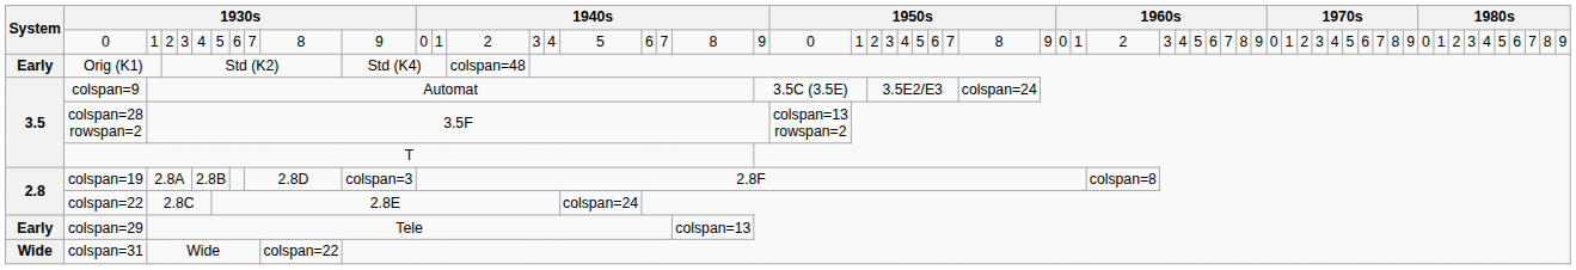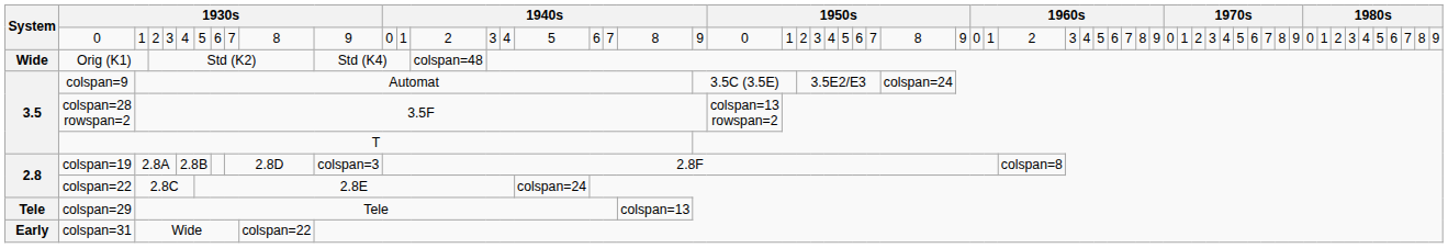 <table class="wikitable" style="font-size:75%;text-align:center;">
 <tr>
 <th rowspan=2>System</th>
 <th colspan=10>1930s</th>
 <th colspan=10>1940s</th>
 <th colspan=10>1950s</th>
 <th colspan=10>1960s</th>
 <th colspan=10>1970s</th>
 <th colspan=10>1980s</th>
 </tr>
 <tr>
 <td>0</td>
 <td>1</td>
 <td>2</td>
 <td>3</td>
 <td>4</td>
 <td>5</td>
 <td>6</td>
 <td>7</td>
 <td>8</td>
 <td>9</td>
 <td>0</td>
 <td>1</td>
 <td>2</td>
 <td>3</td>
 <td>4</td>
 <td>5</td>
 <td>6</td>
 <td>7</td>
 <td>8</td>
 <td>9</td>
 <td>0</td>
 <td>1</td>
 <td>2</td>
 <td>3</td>
 <td>4</td>
 <td>5</td>
 <td>6</td>
 <td>7</td>
 <td>8</td>
 <td>9</td>
 <td>0</td>
 <td>1</td>
 <td>2</td>
 <td>3</td>
 <td>4</td>
 <td>5</td>
 <td>6</td>
 <td>7</td>
 <td>8</td>
 <td>9</td>
 <td>0</td>
 <td>1</td>
 <td>2</td>
 <td>3</td>
 <td>4</td>
 <td>5</td>
 <td>6</td>
 <td>7</td>
 <td>8</td>
 <td>9</td>
 <td>0</td>
 <td>1</td>
 <td>2</td>
 <td>3</td>
 <td>4</td>
 <td>5</td>
 <td>6</td>
 <td>7</td>
 <td>8</td>
 <td>9</td>
 </tr>
 <tr>
-<th>Early</th>
+<th>Wide</th>
 <td colspan=2>Orig (K1)</td>
 <td colspan=7>Std (K2)</td>
 <td colspan=3>Std (K4)</td>
 <td>colspan=48 </td>
 </tr>
 <tr>
 <th rowspan=3>3.5</th>
 <td>colspan=9 </td>
 <td colspan=18>Automat</td>
 <td colspan=3>3.5C (3.5E)</td>
 <td colspan=6>3.5E2/E3</td>
 <td>colspan=24 </td>
 </tr>
 <tr>
 <td>colspan=28 rowspan=2 </td>
 <td colspan=19>3.5F</td>
 <td>colspan=13 rowspan=2 </td>
 </tr>
 <tr>
 <td colspan=19>T</td>
 </tr>
 <tr>
 <th rowspan=2>2.8</th>
 <td>colspan=19 </td>
 <td colspan=3>2.8A</td>
 <td colspan=2>2.8B</td>
 <td></td>
 <td colspan=2>2.8D</td>
 <td>colspan=3 </td>
 <td colspan=22>2.8F</td>
 <td>colspan=8 </td>
 </tr>
 <tr>
 <td>colspan=22 </td>
 <td colspan=4>2.8C</td>
 <td colspan=10>2.8E</td>
 <td>colspan=24 </td>
 </tr>
 <tr>
-<th>Early</th>
+<th>Tele</th>
 <td>colspan=29 </td>
 <td colspan=17>Tele</td>
 <td>colspan=13 </td>
 </tr>
 <tr>
-<th>Wide</th>
+<th>Early</th>
 <td>colspan=31 </td>
 <td colspan=7>Wide</td>
 <td>colspan=22 </td>
 </tr>
 </table>
